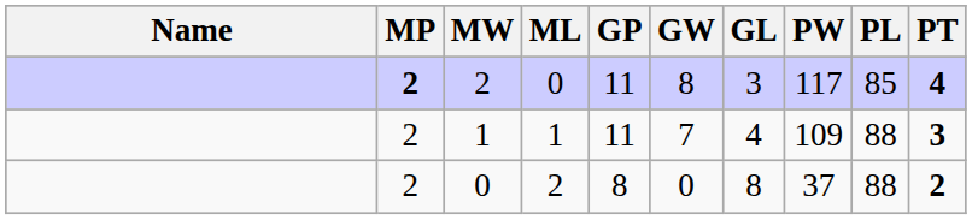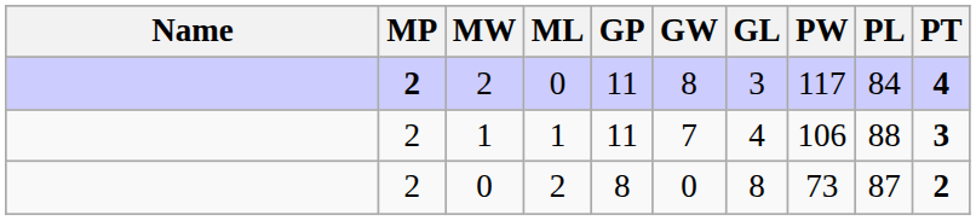 <table class=wikitable style="text-align:center">
 <tr>
 <th width=175>Name</th>
 <th width=20>MP</th>
 <th width=20>MW</th>
 <th width=20>ML</th>
 <th width=20>GP</th>
 <th width=20>GW</th>
 <th width=20>GL</th>
 <th width=20>PW</th>
 <th width=20>PL</th>
 <th width=20>PT</th>
 </tr>
 <tr style="background-color:#ccccff;">
 <td style="text-align:left;"><strong></strong></td>
 <td><strong>2</strong></td>
 <td>2</td>
 <td>0</td>
 <td>11</td>
 <td>8</td>
 <td>3</td>
 <td>117</td>
-<td>85</td>
+<td>84</td>
 <td><strong>4</strong></td>
 </tr>
 <tr>
 <td style="text-align:left;"></td>
 <td>2</td>
 <td>1</td>
 <td>1</td>
 <td>11</td>
 <td>7</td>
 <td>4</td>
-<td>109</td>
+<td>106</td>
 <td>88</td>
 <td><strong>3</strong></td>
 </tr>
 <tr>
 <td style="text-align:left;"></td>
 <td>2</td>
 <td>0</td>
 <td>2</td>
 <td>8</td>
 <td>0</td>
 <td>8</td>
-<td>37</td>
-<td>88</td>
+<td>73</td>
+<td>87</td>
 <td><strong>2</strong></td>
 </tr>
 </table>
